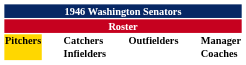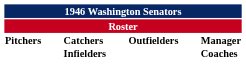 <table class="toccolours" style="font-size: 95%;">
 <tr>
 <th colspan="10" style="background-color: #072764; color: white; text-align: center;">1946 Washington Senators</th>
 </tr>
 <tr>
 <td colspan="10" style="background-color: #c6011f; color: white; text-align: center;"><strong>Roster</strong></td>
 </tr>
 <tr>
-<td valign="top" style="background: gold;"><strong>Pitchers</strong><br>               </td>
+<td valign="top"><strong>Pitchers</strong><br>               </td>
 <td width="25px"></td>
 <td valign="top"><strong>Catchers</strong><br>   <strong>Infielders</strong>          </td>
 <td width="25px"></td>
 <td valign="top"><strong>Outfielders</strong><br>      </td>
 <td width="25px"></td>
 <td valign="top"><strong>Manager</strong><br> <strong>Coaches</strong>      </td>
 </tr>
 <tr>
 </tr>
 </table>
